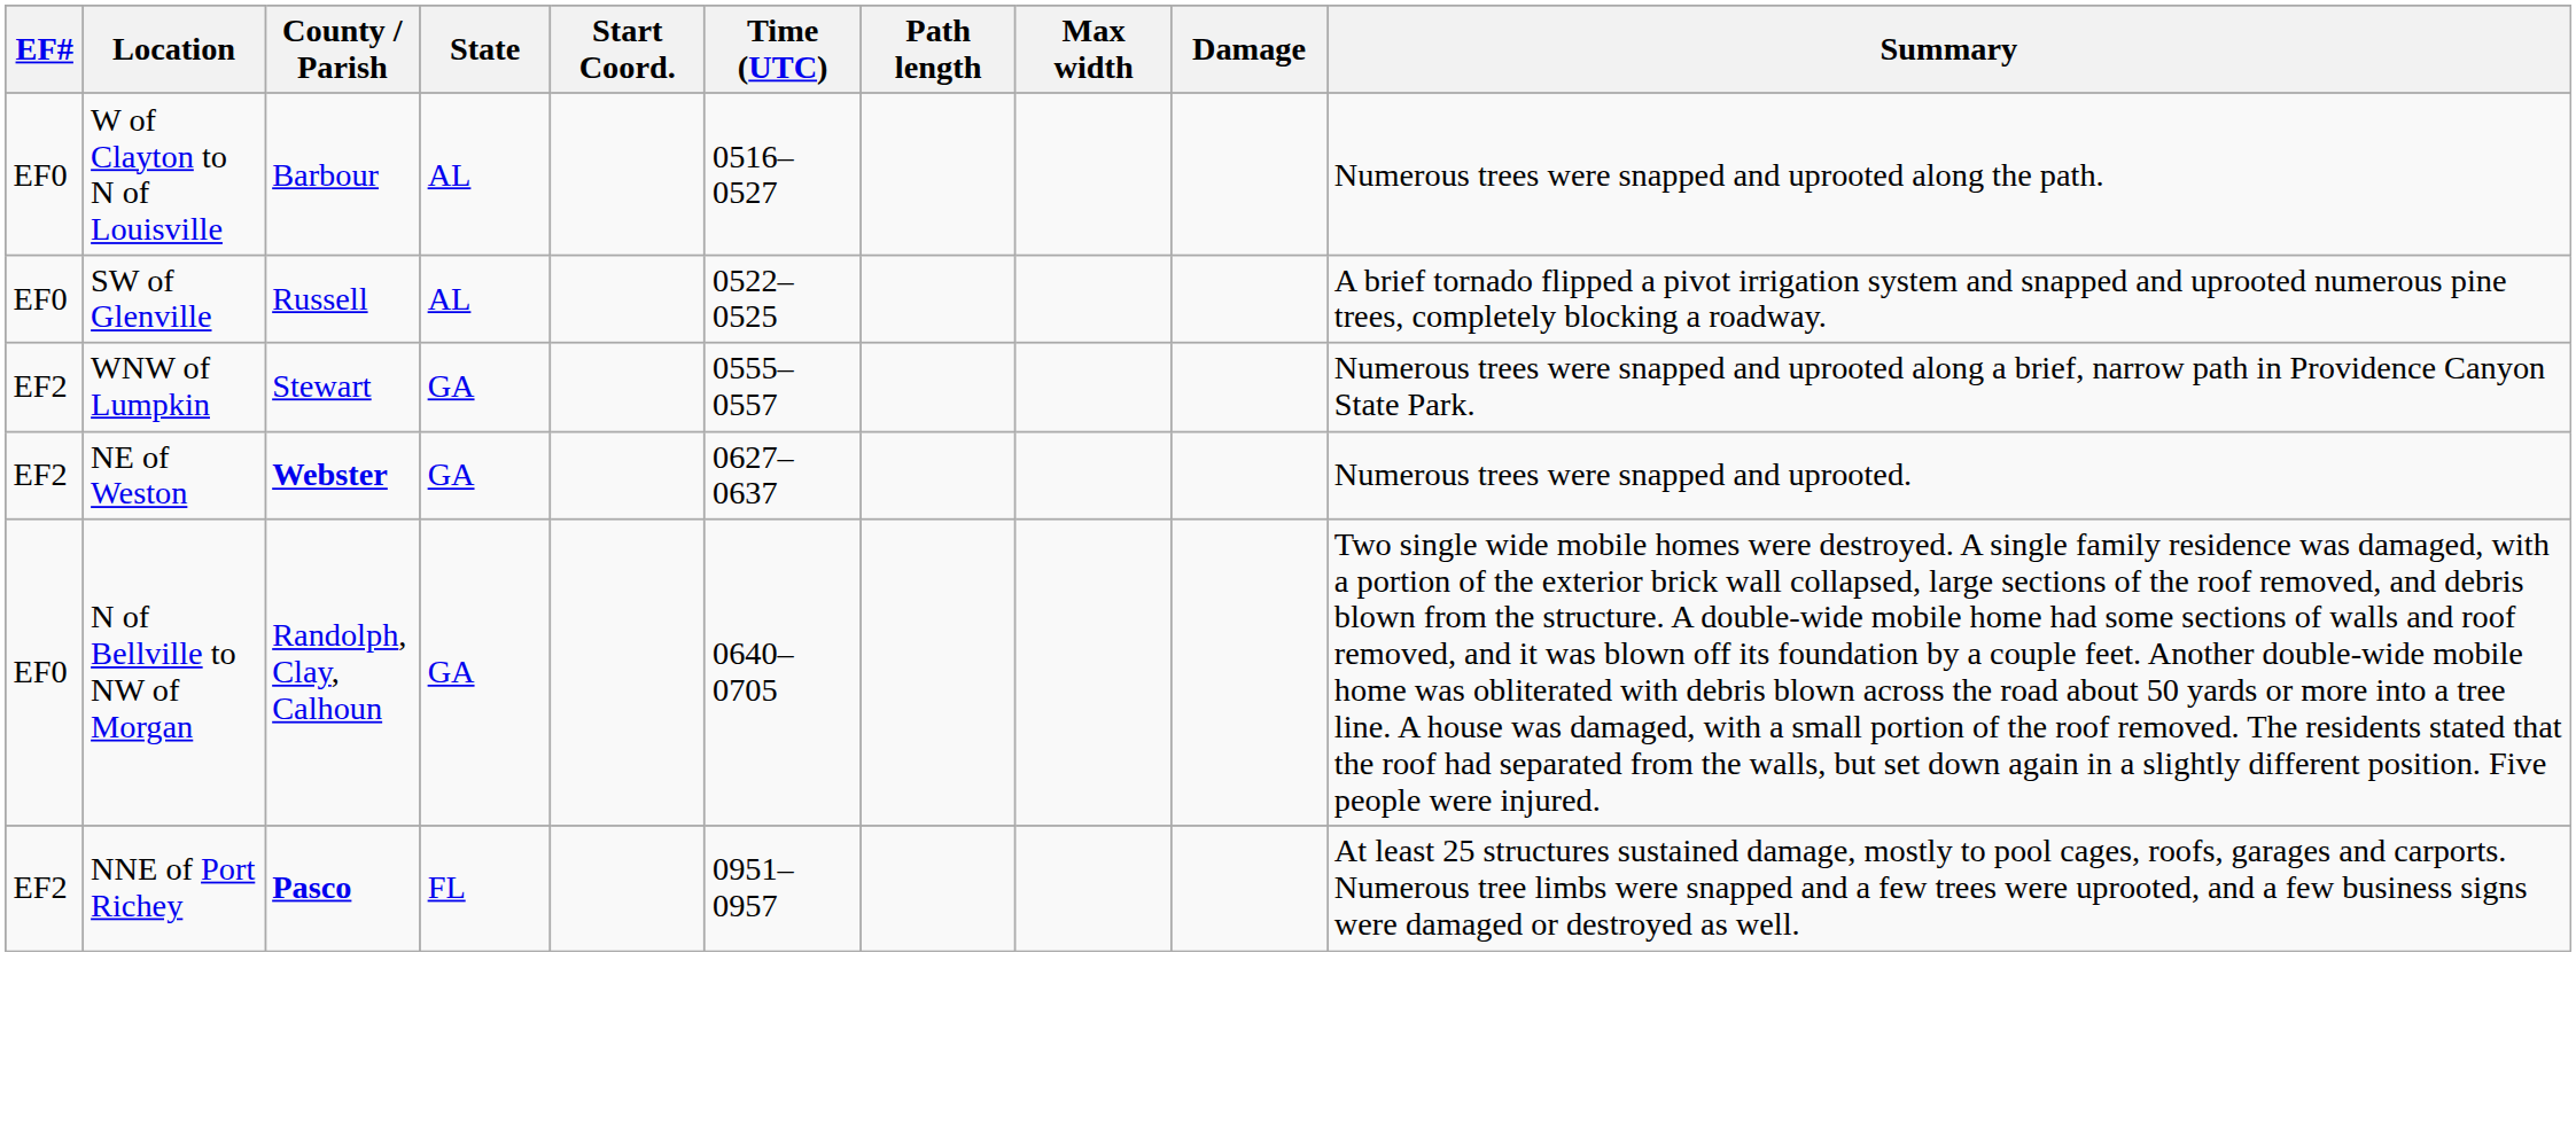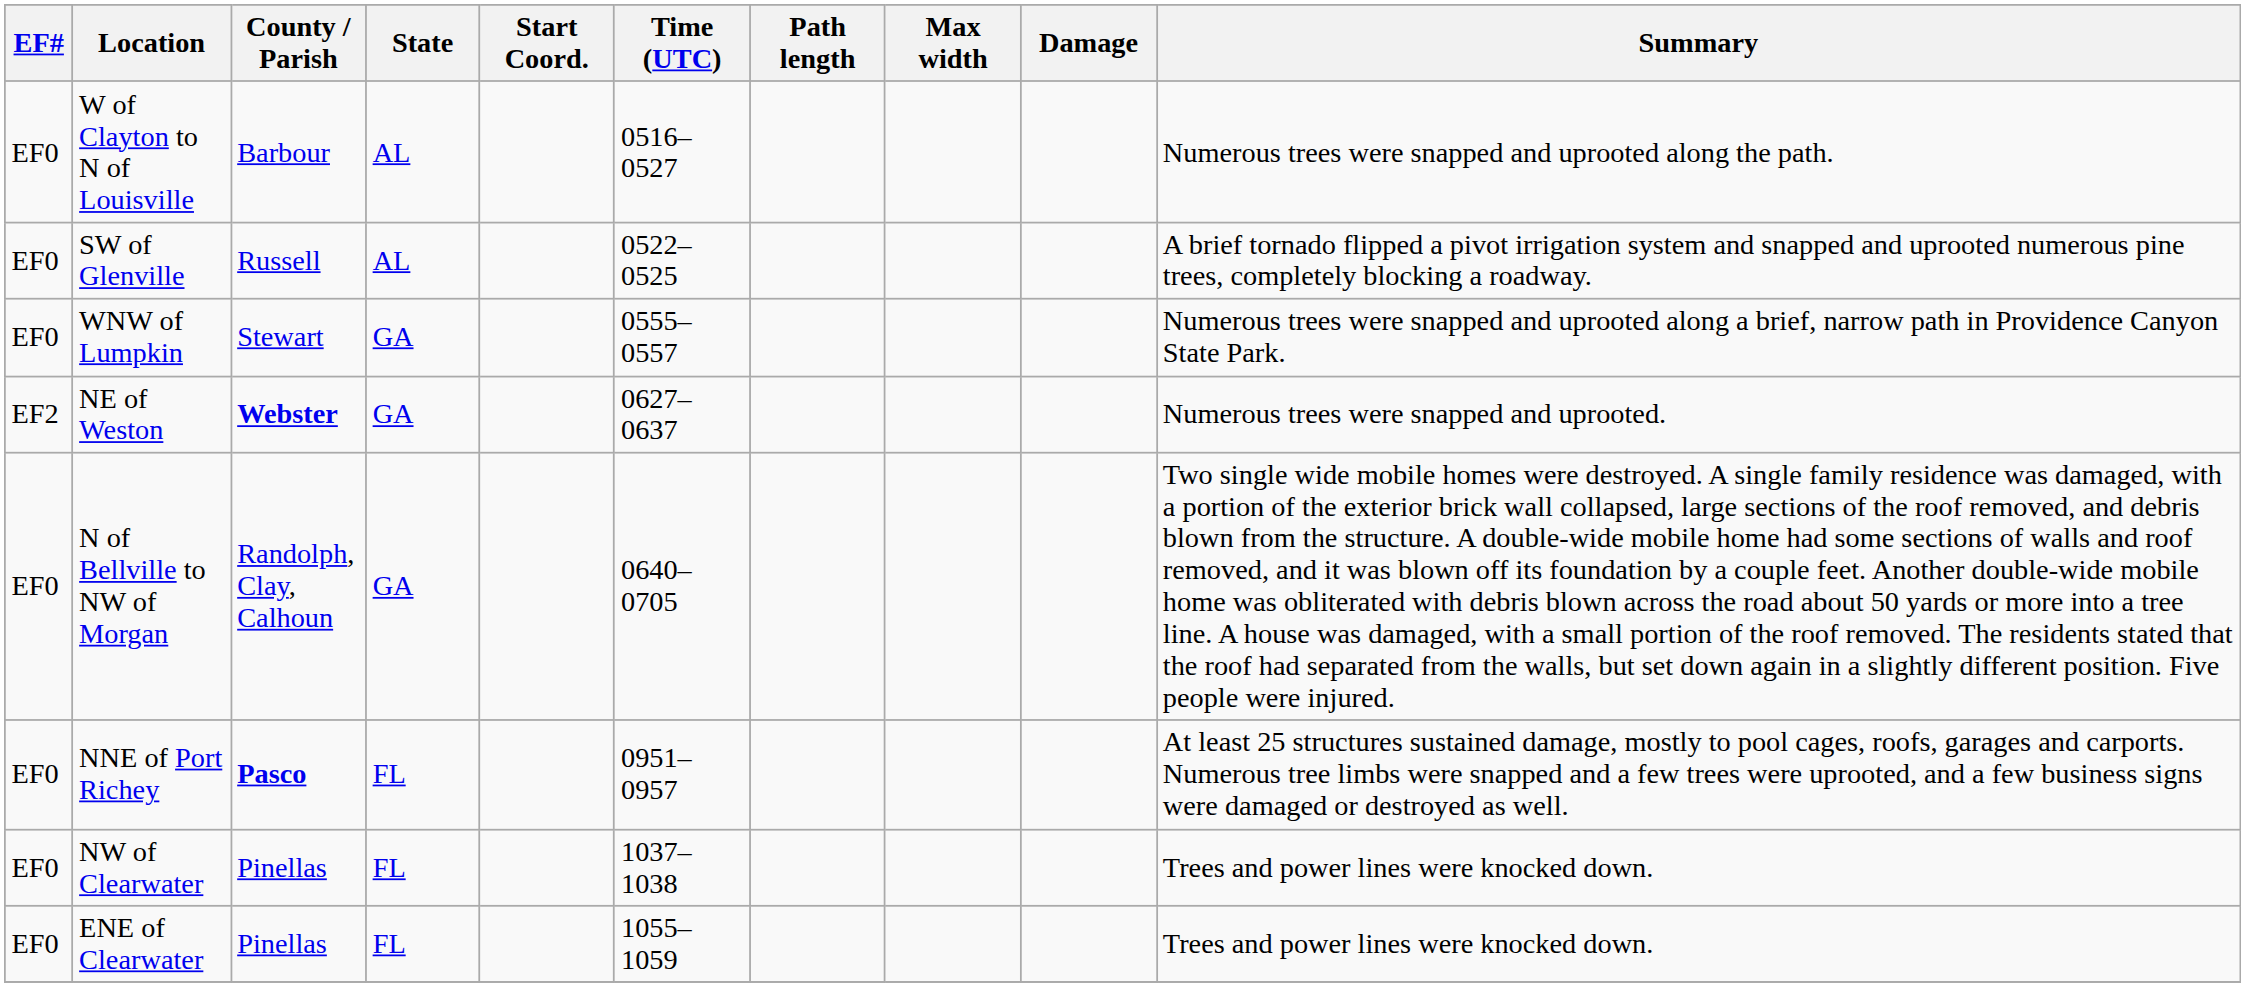 <table class="wikitable sortable" style="width:100%;">
 <tr>
 <th scope="col" width="3%" align="center"><a href='#'>EF#</a></th>
 <th scope="col" width="7%" align="center" class="unsortable">Location</th>
 <th scope="col" width="6%" align="center" class="unsortable">County / Parish</th>
 <th scope="col" width="5%" align="center">State</th>
 <th scope="col" width="6%" align="center">Start Coord.</th>
 <th scope="col" width="6%" align="center">Time (<a href='#'>UTC</a>)</th>
 <th scope="col" width="6%" align="center">Path length</th>
 <th scope="col" width="6%" align="center">Max width</th>
 <th scope="col" width="6%" align="center">Damage</th>
 <th scope="col" width="48%" class="unsortable" align="center">Summary</th>
 </tr>
 <tr>
 <td>EF0</td>
 <td>W of <a href='#'>Clayton</a> to N of <a href='#'>Louisville</a></td>
 <td><a href='#'>Barbour</a></td>
 <td><a href='#'>AL</a></td>
 <td></td>
 <td>0516–0527</td>
 <td></td>
 <td></td>
 <td></td>
 <td>Numerous trees were snapped and uprooted along the path.</td>
 </tr>
 <tr>
 <td>EF0</td>
 <td>SW of <a href='#'>Glenville</a></td>
 <td><a href='#'>Russell</a></td>
 <td><a href='#'>AL</a></td>
 <td></td>
 <td>0522–0525</td>
 <td></td>
 <td></td>
 <td></td>
 <td>A brief tornado flipped a pivot irrigation system and snapped and uprooted numerous pine trees, completely blocking a roadway.</td>
 </tr>
 <tr>
-<td>EF2</td>
+<td>EF0</td>
 <td>WNW of <a href='#'>Lumpkin</a></td>
 <td><a href='#'>Stewart</a></td>
 <td><a href='#'>GA</a></td>
 <td></td>
 <td>0555–0557</td>
 <td></td>
 <td></td>
 <td></td>
 <td>Numerous trees were snapped and uprooted along a brief, narrow path in Providence Canyon State Park.</td>
 </tr>
 <tr>
 <td>EF2</td>
 <td>NE of <a href='#'>Weston</a></td>
 <td><strong><a href='#'>Webster</a></strong></td>
 <td><a href='#'>GA</a></td>
 <td></td>
 <td>0627–0637</td>
 <td></td>
 <td></td>
 <td></td>
 <td>Numerous trees were snapped and uprooted.</td>
 </tr>
 <tr>
 <td>EF0</td>
 <td>N of <a href='#'>Bellville</a> to NW of <a href='#'>Morgan</a></td>
 <td><a href='#'>Randolph</a>, <a href='#'>Clay</a>, <a href='#'>Calhoun</a></td>
 <td><a href='#'>GA</a></td>
 <td></td>
 <td>0640–0705</td>
 <td></td>
 <td></td>
 <td></td>
 <td>Two single wide mobile homes were destroyed. A single family residence was damaged, with a portion of the exterior brick wall collapsed, large sections of the roof removed, and debris blown  from the structure. A double-wide mobile home had some sections of walls and roof removed, and it was blown off its foundation by a couple feet. Another double-wide mobile home was obliterated with debris blown across the road about 50 yards or more into a tree line. A house was damaged, with a small portion of the roof removed. The residents stated that the roof had separated from the walls, but set down again in a slightly different position. Five people were injured.<br></td>
 </tr>
 <tr>
-<td>EF2</td>
+<td>EF0</td>
 <td>NNE of <a href='#'>Port Richey</a></td>
 <td><strong><a href='#'>Pasco</a></strong></td>
 <td><a href='#'>FL</a></td>
 <td></td>
 <td>0951–0957</td>
 <td></td>
 <td></td>
 <td></td>
 <td>At least 25 structures sustained damage, mostly to pool cages, roofs, garages and carports. Numerous tree limbs were snapped and a few trees were uprooted, and a few business signs were damaged or destroyed as well.</td>
 </tr>
 <tr>
+<td>EF0</td>
+<td>NW of <a href='#'>Clearwater</a></td>
+<td><a href='#'>Pinellas</a></td>
+<td><a href='#'>FL</a></td>
+<td></td>
+<td>1037–1038</td>
+<td></td>
+<td></td>
+<td></td>
+<td>Trees and power lines were knocked down.</td>
+</tr>
+<tr>
+<td>EF0</td>
+<td>ENE of <a href='#'>Clearwater</a></td>
+<td><a href='#'>Pinellas</a></td>
+<td><a href='#'>FL</a></td>
+<td></td>
+<td>1055–1059</td>
+<td></td>
+<td></td>
+<td></td>
+<td>Trees and power lines were knocked down.</td>
+</tr>
+<tr>
 </tr>
 </table>
